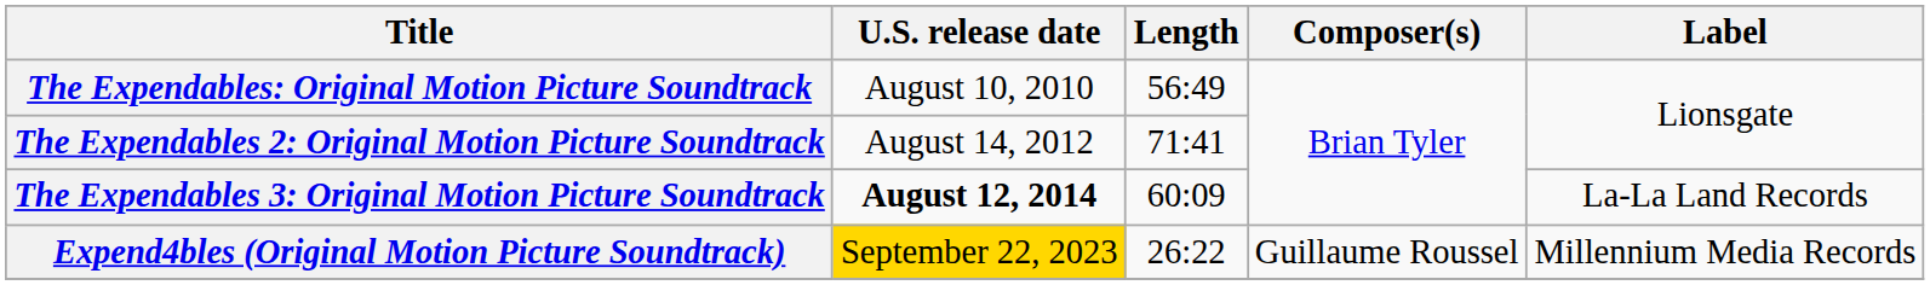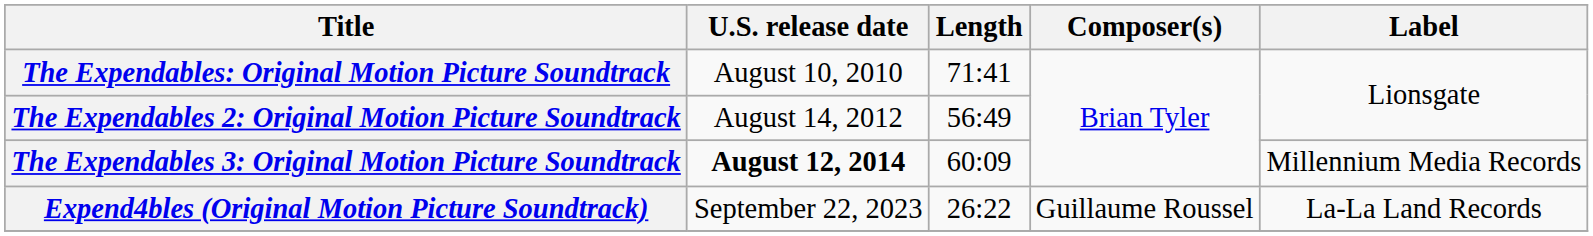 <table class="wikitable plainrowheaders" style="text-align:center;">
 <tr>
 <th>Title</th>
 <th>U.S. release date</th>
 <th>Length</th>
 <th>Composer(s)</th>
 <th>Label</th>
 </tr>
 <tr>
 <th scope="row"><em><a href='#'>The Expendables: Original Motion Picture Soundtrack</a></em></th>
 <td>August 10, 2010</td>
-<td>56:49</td>
+<td>71:41</td>
 <td rowspan="3"><a href='#'>Brian Tyler</a></td>
 <td rowspan="2">Lionsgate</td>
 </tr>
 <tr>
 <th scope="row"><em><a href='#'>The Expendables 2: Original Motion Picture Soundtrack</a></em></th>
 <td>August 14, 2012</td>
-<td>71:41</td>
+<td>56:49</td>
 </tr>
 <tr>
 <th scope="row"><em><a href='#'>The Expendables 3: Original Motion Picture Soundtrack</a></em></th>
 <td><strong>August 12, 2014</strong></td>
 <td>60:09</td>
-<td>La-La Land Records</td>
+<td>Millennium Media Records</td>
 </tr>
 <tr>
 <th scope="row"><em><a href='#'>Expend4bles (Original Motion Picture Soundtrack)</a></em></th>
-<td style="background: gold;">September 22, 2023</td>
+<td>September 22, 2023</td>
 <td>26:22</td>
 <td>Guillaume Roussel</td>
-<td>Millennium Media Records</td>
+<td>La-La Land Records</td>
 </tr>
 <tr>
 </tr>
 </table>
